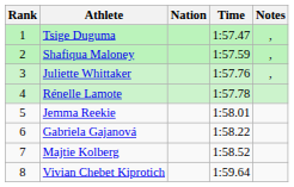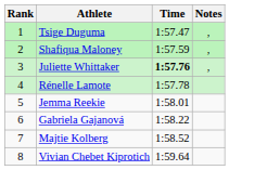 <table class="wikitable sortable" style="text-align:center;">
 <tr>
 <th>Rank</th>
 <th>Athlete</th>
-<th>Nation</th>
 <th>Time</th>
 <th>Notes</th>
 </tr>
 <tr bgcolor=bbf3bb>
 <td>1</td>
 <td align=left><a href='#'>Tsige Duguma</a></td>
-<td align=left></td>
 <td>1:57.47</td>
 <td>, </td>
 </tr>
 <tr bgcolor=bbf3bb>
 <td>2</td>
 <td align=left><a href='#'>Shafiqua Maloney</a></td>
-<td align=left></td>
 <td>1:57.59</td>
 <td>, </td>
 </tr>
 <tr bgcolor="ccf3cc">
 <td>3</td>
 <td align=left><a href='#'>Juliette Whittaker</a></td>
-<td align=left></td>
-<td>1:57.76</td>
+<td><strong>1:57.76</strong></td>
 <td>, </td>
 </tr>
 <tr bgcolor="ccf3cc">
 <td>4</td>
 <td align=left><a href='#'>Rénelle Lamote</a></td>
-<td align=left></td>
 <td>1:57.78</td>
 <td></td>
 </tr>
 <tr>
 <td>5</td>
 <td align=left><a href='#'>Jemma Reekie</a></td>
-<td align=left></td>
 <td>1:58.01</td>
 <td></td>
 </tr>
 <tr>
 <td>6</td>
 <td align=left><a href='#'>Gabriela Gajanová</a></td>
-<td align=left></td>
 <td>1:58.22</td>
 <td></td>
 </tr>
 <tr>
 <td>7</td>
 <td align=left><a href='#'>Majtie Kolberg</a></td>
-<td align=left></td>
 <td>1:58.52</td>
 <td></td>
 </tr>
 <tr>
 <td>8</td>
 <td align=left><a href='#'>Vivian Chebet Kiprotich</a></td>
-<td align=left></td>
 <td>1:59.64</td>
 <td></td>
 </tr>
 </table>
